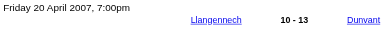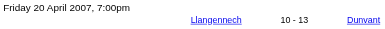 <table style="width:70%;" cellspacing="1">
 <tr>
 <th width=35%></th>
 <th width=15%></th>
 <th></th>
 </tr>
 <tr>
 <td>Friday 20 April 2007, 7:00pm</td>
 </tr>
 <tr style=font-size:90%>
 <td align=right><a href='#'>Llangennech</a></td>
-<td align=center><strong>10 - 13</strong></td>
+<td align=center>10 - 13</td>
 <td><a href='#'>Dunvant</a></td>
 </tr>
 </table>
